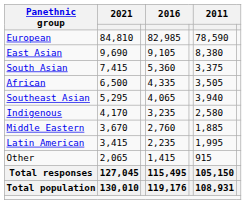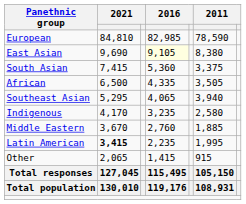 <table class="wikitable collapsible sortable">
 <tr>
 <th rowspan="2"><a href='#'>Panethnic</a><br>group</th>
 <th colspan="2">2021</th>
 <th colspan="2">2016</th>
 <th colspan="2">2011</th>
 </tr>
 <tr>
 <th><a href='#'></a></th>
 <th></th>
 <th></th>
 <th></th>
 <th></th>
 <th></th>
 </tr>
 <tr>
 <td><a href='#'>European</a></td>
 <td>84,810</td>
 <td></td>
 <td>82,985</td>
 <td></td>
 <td>78,590</td>
 <td></td>
 </tr>
 <tr>
 <td><a href='#'>East Asian</a></td>
 <td>9,690</td>
 <td></td>
-<td>9,105</td>
+<td style="background: lightyellow;">9,105</td>
 <td></td>
 <td>8,380</td>
 <td></td>
 </tr>
 <tr>
 <td><a href='#'>South Asian</a></td>
 <td>7,415</td>
 <td></td>
 <td>5,360</td>
 <td></td>
 <td>3,375</td>
 <td></td>
 </tr>
 <tr>
 <td><a href='#'>African</a></td>
 <td>6,500</td>
 <td></td>
 <td>4,335</td>
 <td></td>
 <td>3,505</td>
 <td></td>
 </tr>
 <tr>
 <td><a href='#'>Southeast Asian</a></td>
 <td>5,295</td>
 <td></td>
 <td>4,065</td>
 <td></td>
 <td>3,940</td>
 <td></td>
 </tr>
 <tr>
 <td><a href='#'>Indigenous</a></td>
 <td>4,170</td>
 <td></td>
 <td>3,235</td>
 <td></td>
 <td>2,580</td>
 <td></td>
 </tr>
 <tr>
 <td><a href='#'>Middle Eastern</a></td>
 <td>3,670</td>
 <td></td>
 <td>2,760</td>
 <td></td>
 <td>1,885</td>
 <td></td>
 </tr>
 <tr>
 <td><a href='#'>Latin American</a></td>
-<td>3,415</td>
+<td><strong>3,415</strong></td>
 <td></td>
 <td>2,235</td>
 <td></td>
 <td>1,995</td>
 <td></td>
 </tr>
 <tr>
 <td>Other</td>
 <td>2,065</td>
 <td></td>
 <td>1,415</td>
 <td></td>
 <td>915</td>
 <td></td>
 </tr>
 <tr>
 <th>Total responses</th>
 <th>127,045</th>
 <th></th>
 <th>115,495</th>
 <th></th>
 <th>105,150</th>
 <th></th>
 </tr>
 <tr>
 <th>Total population</th>
 <th>130,010</th>
 <th></th>
 <th>119,176</th>
 <th></th>
 <th>108,931</th>
 <th></th>
 </tr>
 <tr class="sortbottom">
 <td colspan="15"></td>
 </tr>
 </table>
